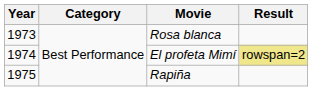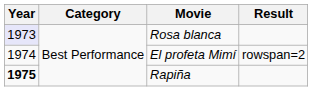 <table class="wikitable">
 <tr>
 <th><strong>Year</strong></th>
 <th><strong>Category</strong></th>
 <th><strong>Movie</strong></th>
 <th><strong>Result</strong></th>
 </tr>
 <tr>
-<td>1973</td>
+<td style="background: lavender;">1973</td>
 <td rowspan=3>Best Performance</td>
 <td><em>Rosa blanca</em></td>
 <td></td>
 </tr>
 <tr>
 <td>1974</td>
 <td><em>El profeta Mimí</em></td>
-<td style="background: khaki;">rowspan=2 </td>
+<td>rowspan=2 </td>
 </tr>
 <tr>
-<td>1975</td>
+<td><strong>1975</strong></td>
 <td><em>Rapiña</em></td>
 </tr>
 </table>
